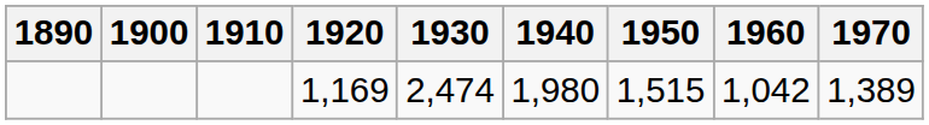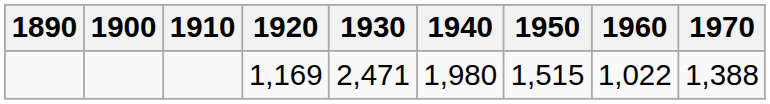 <table class=wikitable>
 <tr>
 <th>1890</th>
 <th>1900</th>
 <th>1910</th>
 <th>1920</th>
 <th>1930</th>
 <th>1940</th>
 <th>1950</th>
 <th>1960</th>
 <th>1970</th>
 </tr>
 <tr align=right>
 <td></td>
 <td></td>
 <td></td>
 <td>1,169</td>
-<td>2,474</td>
+<td>2,471</td>
 <td>1,980</td>
 <td>1,515</td>
-<td>1,042</td>
-<td>1,389</td>
+<td>1,022</td>
+<td>1,388</td>
 </tr>
 </table>
